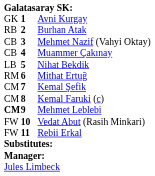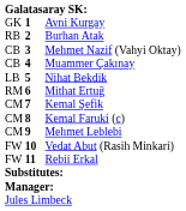 <table style="font-size: 90%" cellspacing="0" cellpadding="0">
 <tr>
 <td colspan="4"><strong>Galatasaray SK:</strong></td>
 </tr>
 <tr>
 <th width="25"></th>
 <th width="25"></th>
 </tr>
 <tr>
 <td>GK</td>
 <td><strong>1</strong></td>
 <td> <a href='#'>Avni Kurgay</a></td>
 </tr>
 <tr>
 <td>RB</td>
 <td><strong>2</strong></td>
 <td> <a href='#'>Burhan Atak</a></td>
 </tr>
 <tr>
 <td>CB</td>
 <td><strong>3</strong></td>
 <td> <a href='#'>Mehmet Nazif</a> (Vahyi Oktay)</td>
 </tr>
 <tr>
 <td>CB</td>
 <td><strong>4</strong></td>
 <td> <a href='#'>Muammer Çakınay</a></td>
 </tr>
 <tr>
 <td>LB</td>
 <td><strong>5</strong></td>
 <td> <a href='#'>Nihat Bekdik</a></td>
 </tr>
 <tr>
 <td>RM</td>
 <td><strong>6</strong></td>
 <td> <a href='#'>Mithat Ertuğ</a></td>
 </tr>
 <tr>
 <td>CM</td>
 <td><strong>7</strong></td>
 <td> <a href='#'>Kemal Şefik</a></td>
 </tr>
 <tr>
 <td>CM</td>
 <td><strong>8</strong></td>
 <td> <a href='#'>Kemal Faruki</a> (<a href='#'>c</a>)</td>
 </tr>
 <tr>
-<td><strong>CM</strong></td>
+<td>CM</td>
 <td><strong>9</strong></td>
 <td> <a href='#'>Mehmet Leblebi</a></td>
 </tr>
 <tr>
 <td>FW</td>
 <td><strong>10</strong></td>
 <td> <a href='#'>Vedat Abut</a> (Rasih Minkari)</td>
 </tr>
 <tr>
 <td>FW</td>
 <td><strong>11</strong></td>
 <td> <a href='#'>Rebii Erkal</a></td>
 </tr>
 <tr>
 <td colspan=4><strong>Substitutes:</strong></td>
 </tr>
 <tr>
 <td colspan=4><strong>Manager:</strong></td>
 </tr>
 <tr>
 <td colspan="4"> <a href='#'>Jules Limbeck</a></td>
 </tr>
 </table>
